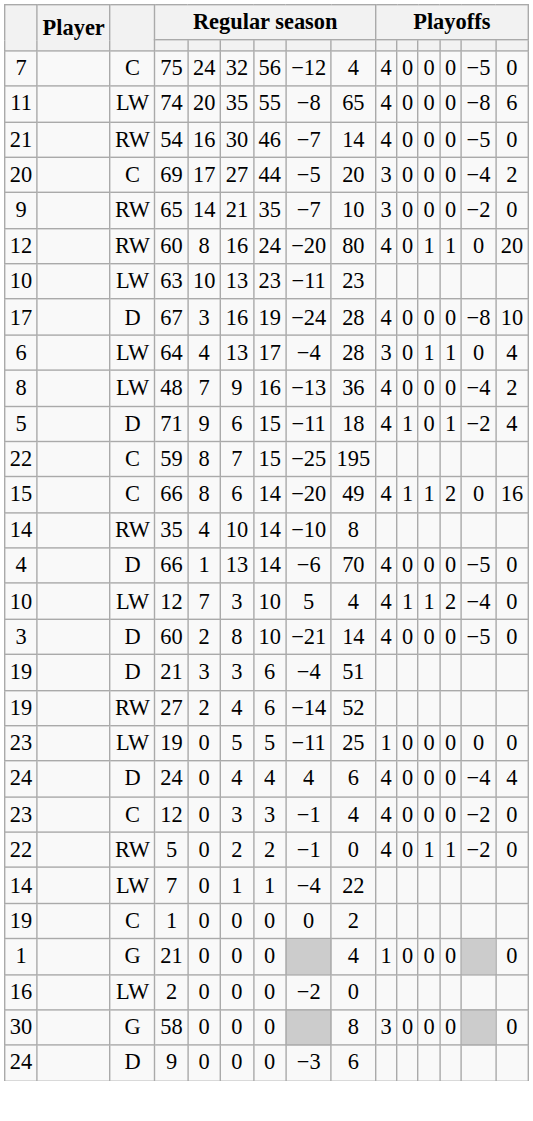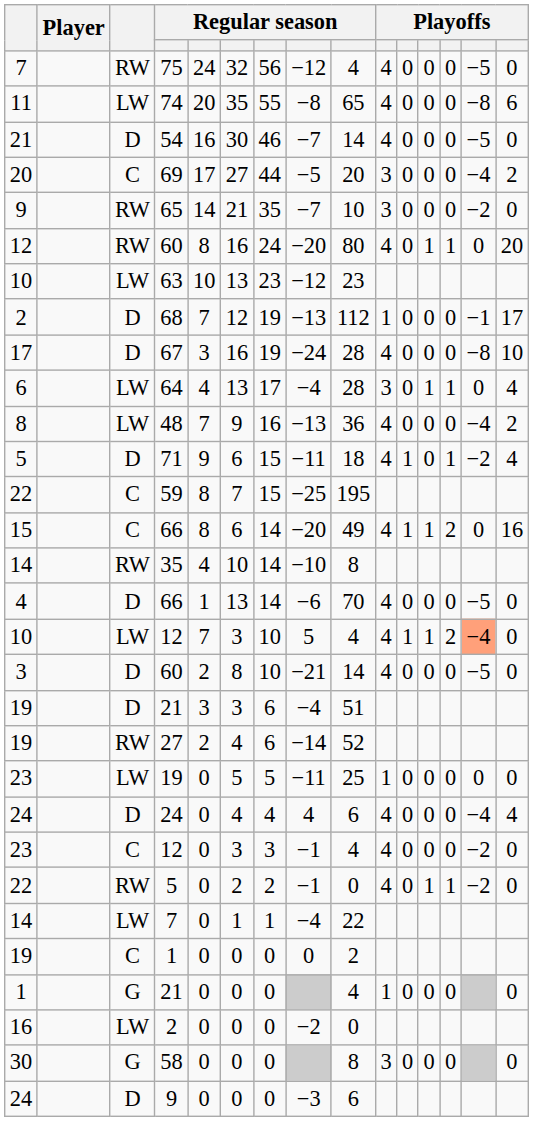 <table class="wikitable sortable plainrowheaders" style="text-align:center;">
 <tr>
 <th scope="col" data-sort-type="number" rowspan="2"></th>
 <th scope="col" rowspan="2">Player</th>
 <th scope="col" rowspan="2"></th>
 <th scope=colgroup colspan=6>Regular season</th>
 <th scope=colgroup colspan=6>Playoffs</th>
 </tr>
 <tr>
 <th scope="col" data-sort-type="number"></th>
 <th scope="col" data-sort-type="number"></th>
 <th scope="col" data-sort-type="number"></th>
 <th scope="col" data-sort-type="number"></th>
 <th scope="col" data-sort-type="number"></th>
 <th scope="col" data-sort-type="number"></th>
 <th scope="col" data-sort-type="number"></th>
 <th scope="col" data-sort-type="number"></th>
 <th scope="col" data-sort-type="number"></th>
 <th scope="col" data-sort-type="number"></th>
 <th scope="col" data-sort-type="number"></th>
 <th scope="col" data-sort-type="number"></th>
 </tr>
 <tr>
 <td scope="row">7</td>
 <td align="left"></td>
-<td>C</td>
+<td>RW</td>
 <td>75</td>
 <td>24</td>
 <td>32</td>
 <td>56</td>
 <td>−12</td>
 <td>4</td>
 <td>4</td>
 <td>0</td>
 <td>0</td>
 <td>0</td>
 <td>−5</td>
 <td>0</td>
 </tr>
 <tr>
 <td scope="row">11</td>
 <td align="left"></td>
 <td>LW</td>
 <td>74</td>
 <td>20</td>
 <td>35</td>
 <td>55</td>
 <td>−8</td>
 <td>65</td>
 <td>4</td>
 <td>0</td>
 <td>0</td>
 <td>0</td>
 <td>−8</td>
 <td>6</td>
 </tr>
 <tr>
 <td scope="row">21</td>
 <td align="left"></td>
-<td>RW</td>
+<td>D</td>
 <td>54</td>
 <td>16</td>
 <td>30</td>
 <td>46</td>
 <td>−7</td>
 <td>14</td>
 <td>4</td>
 <td>0</td>
 <td>0</td>
 <td>0</td>
 <td>−5</td>
 <td>0</td>
 </tr>
 <tr>
 <td scope="row">20</td>
 <td align="left"></td>
 <td>C</td>
 <td>69</td>
 <td>17</td>
 <td>27</td>
 <td>44</td>
 <td>−5</td>
 <td>20</td>
 <td>3</td>
 <td>0</td>
 <td>0</td>
 <td>0</td>
 <td>−4</td>
 <td>2</td>
 </tr>
 <tr>
 <td scope="row">9</td>
 <td align="left"></td>
 <td>RW</td>
 <td>65</td>
 <td>14</td>
 <td>21</td>
 <td>35</td>
 <td>−7</td>
 <td>10</td>
 <td>3</td>
 <td>0</td>
 <td>0</td>
 <td>0</td>
 <td>−2</td>
 <td>0</td>
 </tr>
 <tr>
 <td scope="row">12</td>
 <td align="left"></td>
 <td>RW</td>
 <td>60</td>
 <td>8</td>
 <td>16</td>
 <td>24</td>
 <td>−20</td>
 <td>80</td>
 <td>4</td>
 <td>0</td>
 <td>1</td>
 <td>1</td>
 <td>0</td>
 <td>20</td>
 </tr>
 <tr>
 <td scope="row">10</td>
 <td align="left"></td>
 <td>LW</td>
 <td>63</td>
 <td>10</td>
 <td>13</td>
 <td>23</td>
-<td>−11</td>
+<td>−12</td>
 <td>23</td>
 <td></td>
 <td></td>
 <td></td>
 <td></td>
 <td></td>
 <td></td>
+</tr>
+<tr>
+<td scope="row">2</td>
+<td align="left"></td>
+<td>D</td>
+<td>68</td>
+<td>7</td>
+<td>12</td>
+<td>19</td>
+<td>−13</td>
+<td>112</td>
+<td>1</td>
+<td>0</td>
+<td>0</td>
+<td>0</td>
+<td>−1</td>
+<td>17</td>
 </tr>
 <tr>
 <td scope="row">17</td>
 <td align="left"></td>
 <td>D</td>
 <td>67</td>
 <td>3</td>
 <td>16</td>
 <td>19</td>
 <td>−24</td>
 <td>28</td>
 <td>4</td>
 <td>0</td>
 <td>0</td>
 <td>0</td>
 <td>−8</td>
 <td>10</td>
 </tr>
 <tr>
 <td scope="row">6</td>
 <td align="left"></td>
 <td>LW</td>
 <td>64</td>
 <td>4</td>
 <td>13</td>
 <td>17</td>
 <td>−4</td>
 <td>28</td>
 <td>3</td>
 <td>0</td>
 <td>1</td>
 <td>1</td>
 <td>0</td>
 <td>4</td>
 </tr>
 <tr>
 <td scope="row">8</td>
 <td align="left"></td>
 <td>LW</td>
 <td>48</td>
 <td>7</td>
 <td>9</td>
 <td>16</td>
 <td>−13</td>
 <td>36</td>
 <td>4</td>
 <td>0</td>
 <td>0</td>
 <td>0</td>
 <td>−4</td>
 <td>2</td>
 </tr>
 <tr>
 <td scope="row">5</td>
 <td align="left"></td>
 <td>D</td>
 <td>71</td>
 <td>9</td>
 <td>6</td>
 <td>15</td>
 <td>−11</td>
 <td>18</td>
 <td>4</td>
 <td>1</td>
 <td>0</td>
 <td>1</td>
 <td>−2</td>
 <td>4</td>
 </tr>
 <tr>
 <td scope="row">22</td>
 <td align="left"></td>
 <td>C</td>
 <td>59</td>
 <td>8</td>
 <td>7</td>
 <td>15</td>
 <td>−25</td>
 <td>195</td>
 <td></td>
 <td></td>
 <td></td>
 <td></td>
 <td></td>
 <td></td>
 </tr>
 <tr>
 <td scope="row">15</td>
 <td align="left"></td>
 <td>C</td>
 <td>66</td>
 <td>8</td>
 <td>6</td>
 <td>14</td>
 <td>−20</td>
 <td>49</td>
 <td>4</td>
 <td>1</td>
 <td>1</td>
 <td>2</td>
 <td>0</td>
 <td>16</td>
 </tr>
 <tr>
 <td scope="row">14</td>
 <td align="left"></td>
 <td>RW</td>
 <td>35</td>
 <td>4</td>
 <td>10</td>
 <td>14</td>
 <td>−10</td>
 <td>8</td>
 <td></td>
 <td></td>
 <td></td>
 <td></td>
 <td></td>
 <td></td>
 </tr>
 <tr>
 <td scope="row">4</td>
 <td align="left"></td>
 <td>D</td>
 <td>66</td>
 <td>1</td>
 <td>13</td>
 <td>14</td>
 <td>−6</td>
 <td>70</td>
 <td>4</td>
 <td>0</td>
 <td>0</td>
 <td>0</td>
 <td>−5</td>
 <td>0</td>
 </tr>
 <tr>
 <td scope="row">10</td>
 <td align="left"></td>
 <td>LW</td>
 <td>12</td>
 <td>7</td>
 <td>3</td>
 <td>10</td>
 <td>5</td>
 <td>4</td>
 <td>4</td>
 <td>1</td>
 <td>1</td>
 <td>2</td>
-<td>−4</td>
+<td style="background: lightsalmon;">−4</td>
 <td>0</td>
 </tr>
 <tr>
 <td scope="row">3</td>
 <td align="left"></td>
 <td>D</td>
 <td>60</td>
 <td>2</td>
 <td>8</td>
 <td>10</td>
 <td>−21</td>
 <td>14</td>
 <td>4</td>
 <td>0</td>
 <td>0</td>
 <td>0</td>
 <td>−5</td>
 <td>0</td>
 </tr>
 <tr>
 <td scope="row">19</td>
 <td align="left"></td>
 <td>D</td>
 <td>21</td>
 <td>3</td>
 <td>3</td>
 <td>6</td>
 <td>−4</td>
 <td>51</td>
 <td></td>
 <td></td>
 <td></td>
 <td></td>
 <td></td>
 <td></td>
 </tr>
 <tr>
 <td scope="row">19</td>
 <td align="left"></td>
 <td>RW</td>
 <td>27</td>
 <td>2</td>
 <td>4</td>
 <td>6</td>
 <td>−14</td>
 <td>52</td>
 <td></td>
 <td></td>
 <td></td>
 <td></td>
 <td></td>
 <td></td>
 </tr>
 <tr>
 <td scope="row">23</td>
 <td align="left"></td>
 <td>LW</td>
 <td>19</td>
 <td>0</td>
 <td>5</td>
 <td>5</td>
 <td>−11</td>
 <td>25</td>
 <td>1</td>
 <td>0</td>
 <td>0</td>
 <td>0</td>
 <td>0</td>
 <td>0</td>
 </tr>
 <tr>
 <td scope="row">24</td>
 <td align="left"></td>
 <td>D</td>
 <td>24</td>
 <td>0</td>
 <td>4</td>
 <td>4</td>
 <td>4</td>
 <td>6</td>
 <td>4</td>
 <td>0</td>
 <td>0</td>
 <td>0</td>
 <td>−4</td>
 <td>4</td>
 </tr>
 <tr>
 <td scope="row">23</td>
 <td align="left"></td>
 <td>C</td>
 <td>12</td>
 <td>0</td>
 <td>3</td>
 <td>3</td>
 <td>−1</td>
 <td>4</td>
 <td>4</td>
 <td>0</td>
 <td>0</td>
 <td>0</td>
 <td>−2</td>
 <td>0</td>
 </tr>
 <tr>
 <td scope="row">22</td>
 <td align="left"></td>
 <td>RW</td>
 <td>5</td>
 <td>0</td>
 <td>2</td>
 <td>2</td>
 <td>−1</td>
 <td>0</td>
 <td>4</td>
 <td>0</td>
 <td>1</td>
 <td>1</td>
 <td>−2</td>
 <td>0</td>
 </tr>
 <tr>
 <td scope="row">14</td>
 <td align="left"></td>
 <td>LW</td>
 <td>7</td>
 <td>0</td>
 <td>1</td>
 <td>1</td>
 <td>−4</td>
 <td>22</td>
 <td></td>
 <td></td>
 <td></td>
 <td></td>
 <td></td>
 <td></td>
 </tr>
 <tr>
 <td scope="row">19</td>
 <td align="left"></td>
 <td>C</td>
 <td>1</td>
 <td>0</td>
 <td>0</td>
 <td>0</td>
 <td>0</td>
 <td>2</td>
 <td></td>
 <td></td>
 <td></td>
 <td></td>
 <td></td>
 <td></td>
 </tr>
 <tr>
 <td scope="row">1</td>
 <td align="left"></td>
 <td>G</td>
 <td>21</td>
 <td>0</td>
 <td>0</td>
 <td>0</td>
 <td style="background:#ccc"></td>
 <td>4</td>
 <td>1</td>
 <td>0</td>
 <td>0</td>
 <td>0</td>
 <td style="background:#ccc"></td>
 <td>0</td>
 </tr>
 <tr>
 <td scope="row">16</td>
 <td align="left"></td>
 <td>LW</td>
 <td>2</td>
 <td>0</td>
 <td>0</td>
 <td>0</td>
 <td>−2</td>
 <td>0</td>
 <td></td>
 <td></td>
 <td></td>
 <td></td>
 <td></td>
 <td></td>
 </tr>
 <tr>
 <td scope="row">30</td>
 <td align="left"></td>
 <td>G</td>
 <td>58</td>
 <td>0</td>
 <td>0</td>
 <td>0</td>
 <td style="background:#ccc"></td>
 <td>8</td>
 <td>3</td>
 <td>0</td>
 <td>0</td>
 <td>0</td>
 <td style="background:#ccc"></td>
 <td>0</td>
 </tr>
 <tr>
 <td scope="row">24</td>
 <td align="left"></td>
 <td>D</td>
 <td>9</td>
 <td>0</td>
 <td>0</td>
 <td>0</td>
 <td>−3</td>
 <td>6</td>
 <td></td>
 <td></td>
 <td></td>
 <td></td>
 <td></td>
 <td></td>
 </tr>
 </table>
